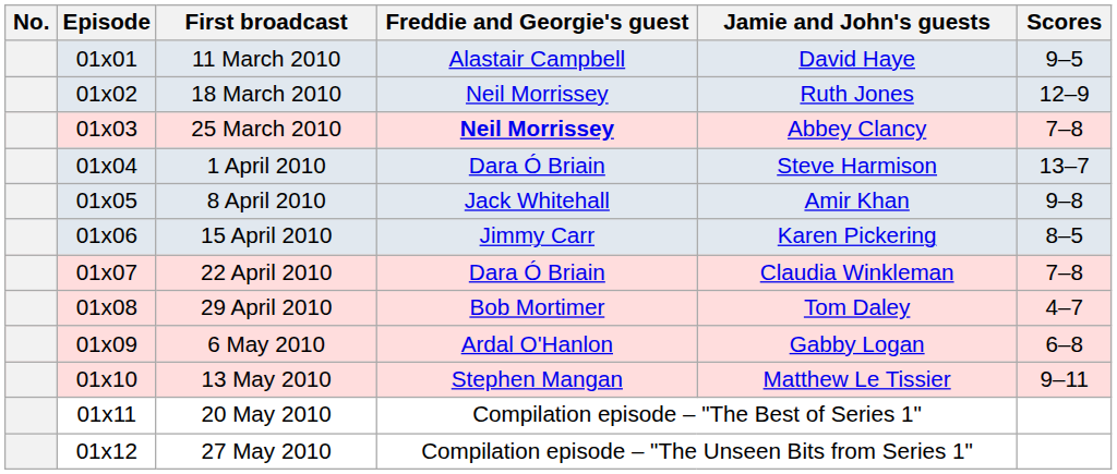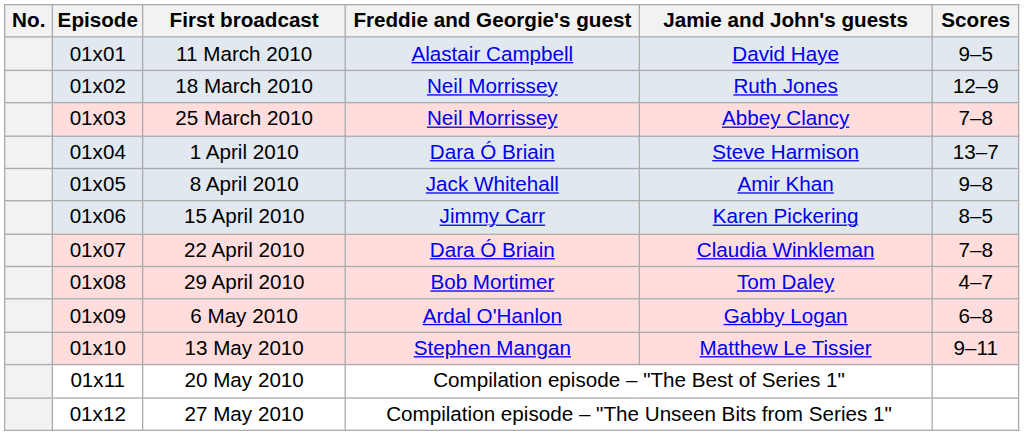 <table class="wikitable plainrowheaders"  style="text-align:center;">
 <tr>
 <th scope"col" style="width:30px;">No.</th>
 <th scope"col" style="width:60px;">Episode</th>
 <th scope"col" style="width:150px;">First broadcast</th>
 <th scope"col" style="width:220px;">Freddie and Georgie's guest</th>
 <th scope"col" style="width:220px;">Jamie and John's guests</th>
 <th scope"col" style="width:60px;">Scores</th>
 </tr>
 <tr style="background:#e1e8ef;">
 <th scope="row"></th>
 <td>01x01</td>
 <td>11 March 2010</td>
 <td><a href='#'>Alastair Campbell</a></td>
 <td><a href='#'>David Haye</a></td>
 <td>9–5</td>
 </tr>
 <tr style="background:#e1e8ef;">
 <th scope="row"></th>
 <td>01x02</td>
 <td>18 March 2010</td>
 <td><a href='#'>Neil Morrissey</a></td>
 <td><a href='#'>Ruth Jones</a></td>
 <td>12–9</td>
 </tr>
 <tr style="background:#fdd;">
 <th scope="row"></th>
 <td>01x03</td>
 <td>25 March 2010</td>
-<td><strong><a href='#'>Neil Morrissey</a></strong></td>
+<td><a href='#'>Neil Morrissey</a></td>
 <td><a href='#'>Abbey Clancy</a></td>
 <td>7–8</td>
 </tr>
 <tr style="background:#e1e8ef;">
 <th scope="row"></th>
 <td>01x04</td>
 <td>1 April 2010</td>
 <td><a href='#'>Dara Ó Briain</a></td>
 <td><a href='#'>Steve Harmison</a></td>
 <td>13–7</td>
 </tr>
 <tr style="background:#e1e8ef;">
 <th scope="row"></th>
 <td>01x05</td>
 <td>8 April 2010</td>
 <td><a href='#'>Jack Whitehall</a></td>
 <td><a href='#'>Amir Khan</a></td>
 <td>9–8</td>
 </tr>
 <tr style="background:#e1e8ef;">
 <th scope="row"></th>
 <td>01x06</td>
 <td>15 April 2010</td>
 <td><a href='#'>Jimmy Carr</a></td>
 <td><a href='#'>Karen Pickering</a></td>
 <td>8–5</td>
 </tr>
 <tr style="background:#fdd;">
 <th scope="row"></th>
 <td>01x07</td>
 <td>22 April 2010</td>
 <td><a href='#'>Dara Ó Briain</a></td>
 <td><a href='#'>Claudia Winkleman</a></td>
 <td>7–8</td>
 </tr>
 <tr style="background:#fdd;">
 <th scope="row"></th>
 <td>01x08</td>
 <td>29 April 2010</td>
 <td><a href='#'>Bob Mortimer</a></td>
 <td><a href='#'>Tom Daley</a></td>
 <td>4–7</td>
 </tr>
 <tr style="background:#fdd;">
 <th scope="row"></th>
 <td>01x09</td>
 <td>6 May 2010</td>
 <td><a href='#'>Ardal O'Hanlon</a></td>
 <td><a href='#'>Gabby Logan</a></td>
 <td>6–8</td>
 </tr>
 <tr style="background:#fdd;">
 <th scope="row"></th>
 <td>01x10</td>
 <td>13 May 2010</td>
 <td><a href='#'>Stephen Mangan</a></td>
 <td><a href='#'>Matthew Le Tissier</a></td>
 <td>9–11</td>
 </tr>
 <tr style="background:#fff;">
 <th scope="row"></th>
 <td>01x11</td>
 <td>20 May 2010</td>
 <td colspan="2">Compilation episode – "The Best of Series 1"</td>
 <td></td>
 </tr>
 <tr style="background:#fff;">
 <th scope="row"></th>
 <td>01x12</td>
 <td>27 May 2010</td>
 <td colspan="2">Compilation episode – "The Unseen Bits from Series 1"</td>
 <td></td>
 </tr>
 </table>
